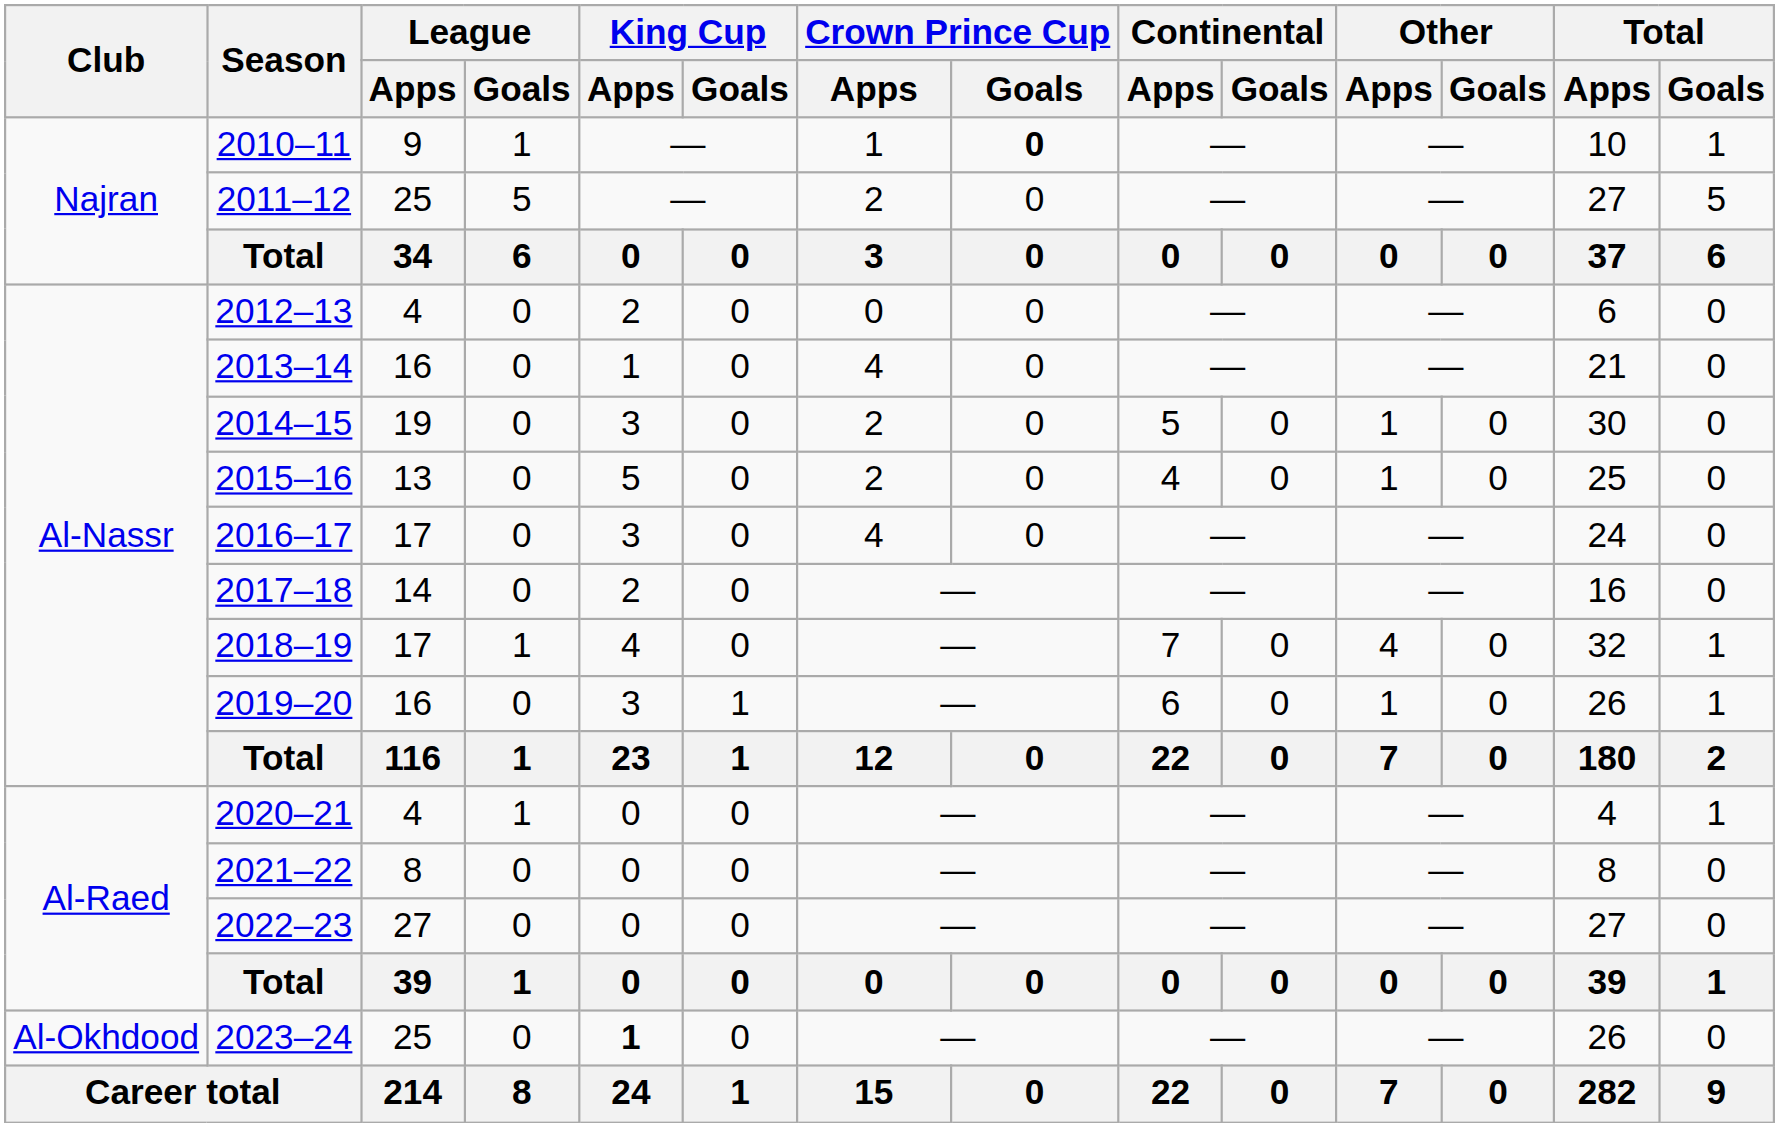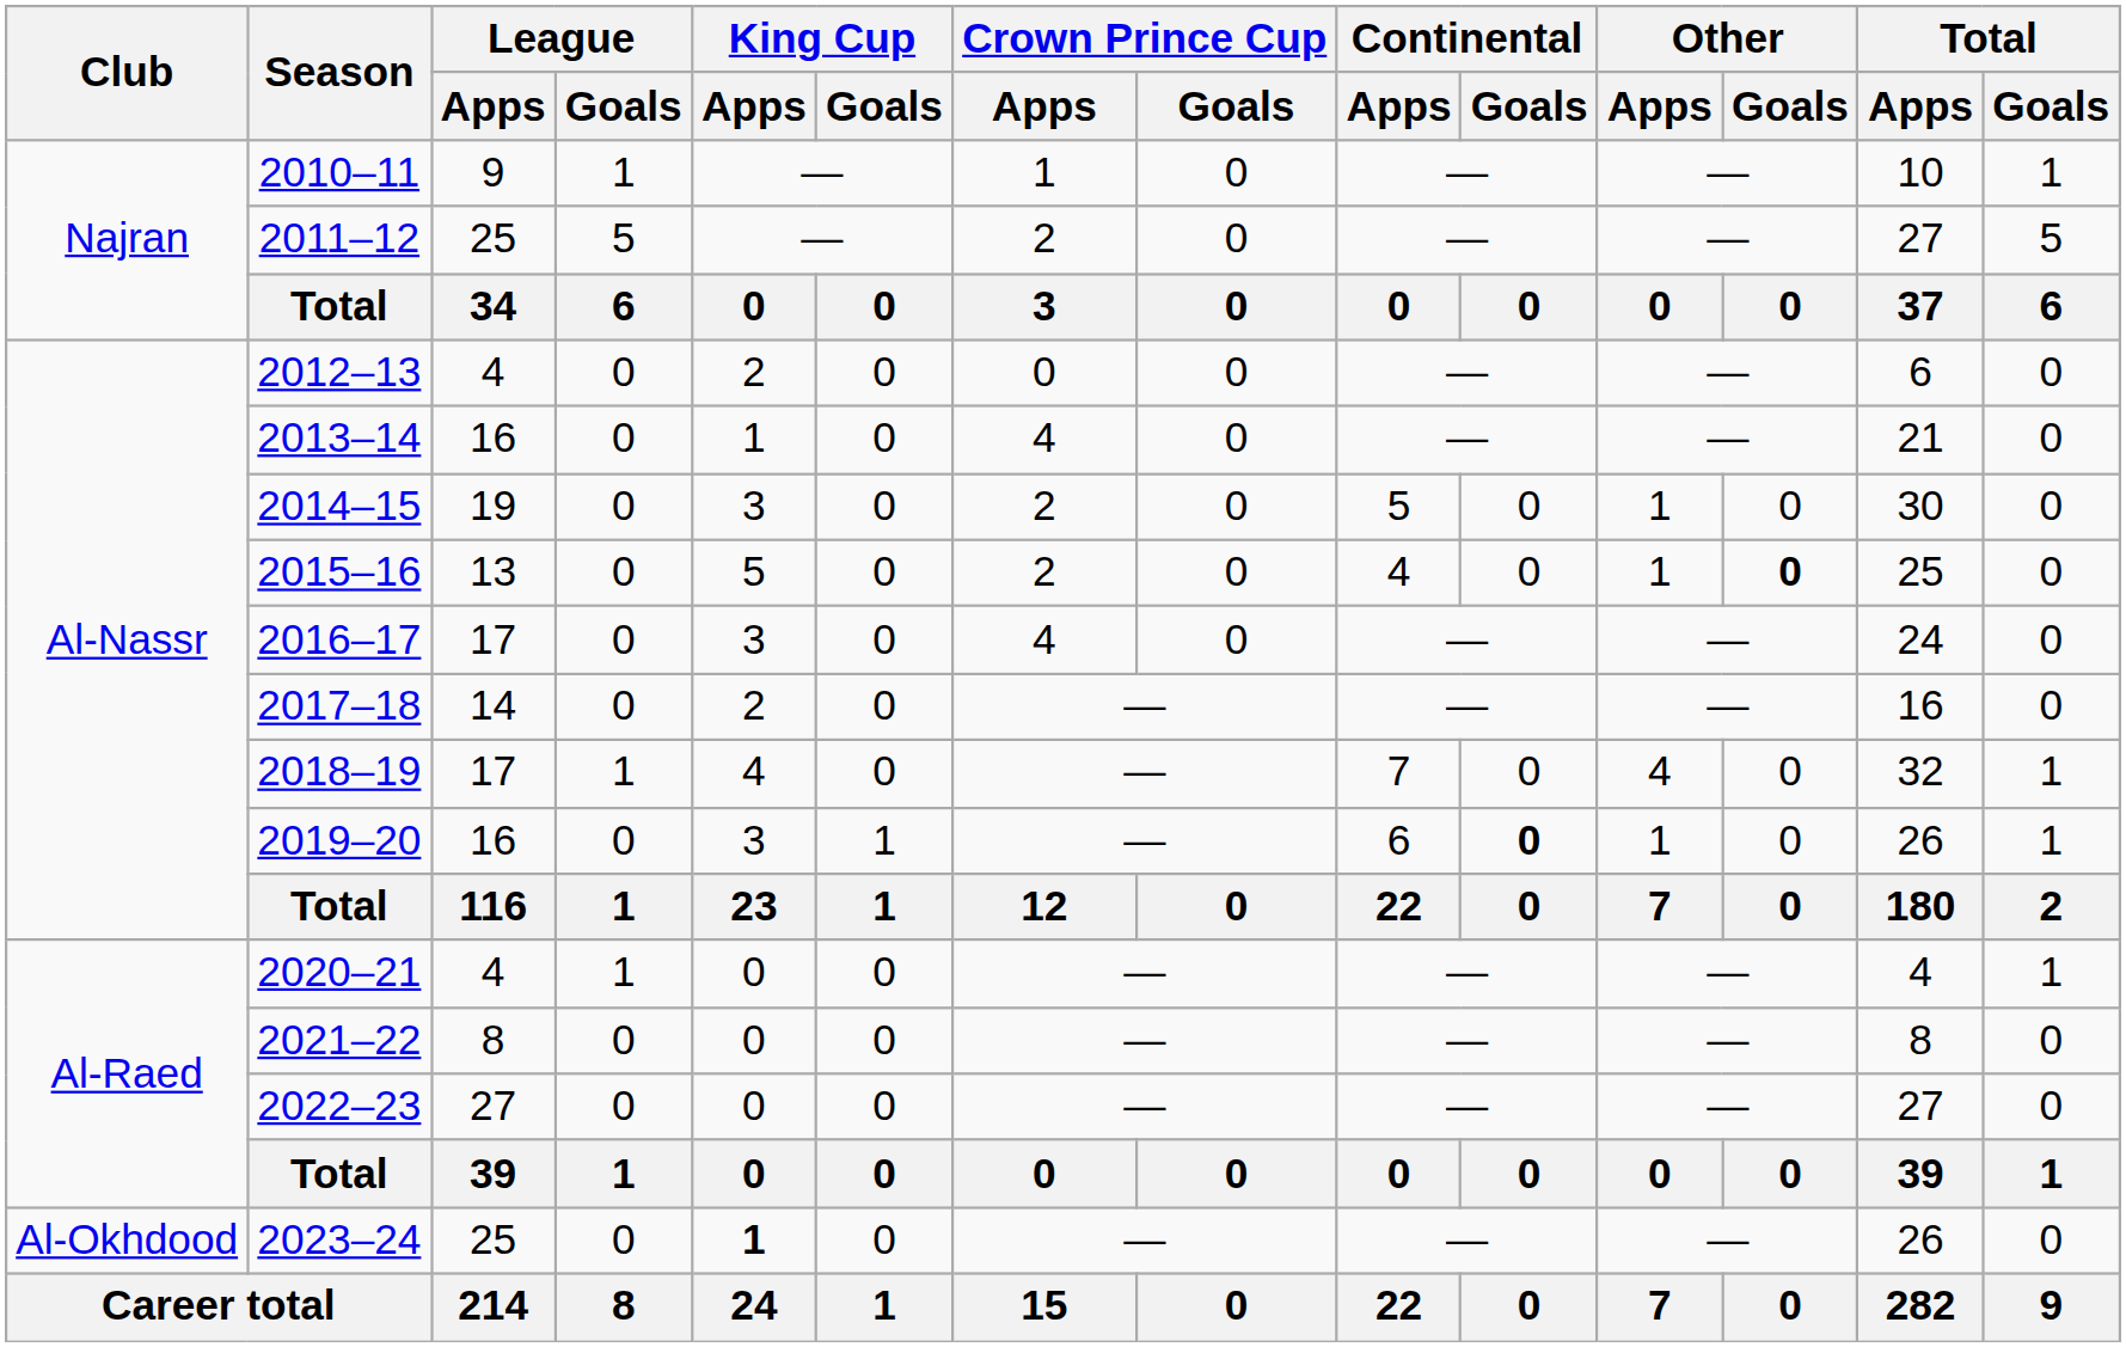 <table class=wikitable style="text-align: center">
 <tr>
 <th rowspan=2>Club</th>
 <th rowspan=2>Season</th>
 <th colspan=2>League</th>
 <th colspan=2><a href='#'>King Cup</a></th>
 <th colspan=2><a href='#'>Crown Prince Cup</a> </th>
 <th colspan=2>Continental</th>
 <th colspan=2>Other</th>
 <th colspan=2>Total</th>
 </tr>
 <tr>
 <th>Apps</th>
 <th>Goals</th>
 <th>Apps</th>
 <th>Goals</th>
 <th>Apps</th>
 <th>Goals</th>
 <th>Apps</th>
 <th>Goals</th>
 <th>Apps</th>
 <th>Goals</th>
 <th>Apps</th>
 <th>Goals</th>
 </tr>
 <tr>
 <td rowspan=3><a href='#'>Najran</a></td>
 <td><a href='#'>2010–11</a></td>
 <td>9</td>
 <td>1</td>
 <td colspan=2>—</td>
 <td>1</td>
-<td><strong>0</strong></td>
+<td>0</td>
 <td colspan=2>—</td>
 <td colspan=2>—</td>
 <td>10</td>
 <td>1</td>
 </tr>
 <tr>
 <td><a href='#'>2011–12</a></td>
 <td>25</td>
 <td>5</td>
 <td colspan=2>—</td>
 <td>2</td>
 <td>0</td>
 <td colspan=2>—</td>
 <td colspan=2>—</td>
 <td>27</td>
 <td>5</td>
 </tr>
 <tr>
 <th>Total</th>
 <th>34</th>
 <th>6</th>
 <th>0</th>
 <th>0</th>
 <th>3</th>
 <th>0</th>
 <th>0</th>
 <th>0</th>
 <th>0</th>
 <th>0</th>
 <th>37</th>
 <th>6</th>
 </tr>
 <tr>
 <td rowspan=9><a href='#'>Al-Nassr</a></td>
 <td><a href='#'>2012–13</a></td>
 <td>4</td>
 <td>0</td>
 <td>2</td>
 <td>0</td>
 <td>0</td>
 <td>0</td>
 <td colspan=2>—</td>
 <td colspan=2>—</td>
 <td>6</td>
 <td>0</td>
 </tr>
 <tr>
 <td><a href='#'>2013–14</a></td>
 <td>16</td>
 <td>0</td>
 <td>1</td>
 <td>0</td>
 <td>4</td>
 <td>0</td>
 <td colspan=2>—</td>
 <td colspan=2>—</td>
 <td>21</td>
 <td>0</td>
 </tr>
 <tr>
 <td><a href='#'>2014–15</a></td>
 <td>19</td>
 <td>0</td>
 <td>3</td>
 <td>0</td>
 <td>2</td>
 <td>0</td>
 <td>5</td>
 <td>0</td>
 <td>1</td>
 <td>0</td>
 <td>30</td>
 <td>0</td>
 </tr>
 <tr>
 <td><a href='#'>2015–16</a></td>
 <td>13</td>
 <td>0</td>
 <td>5</td>
 <td>0</td>
 <td>2</td>
 <td>0</td>
 <td>4</td>
 <td>0</td>
 <td>1</td>
-<td>0</td>
+<td><strong>0</strong></td>
 <td>25</td>
 <td>0</td>
 </tr>
 <tr>
 <td><a href='#'>2016–17</a></td>
 <td>17</td>
 <td>0</td>
 <td>3</td>
 <td>0</td>
 <td>4</td>
 <td>0</td>
 <td colspan=2>—</td>
 <td colspan=2>—</td>
 <td>24</td>
 <td>0</td>
 </tr>
 <tr>
 <td><a href='#'>2017–18</a></td>
 <td>14</td>
 <td>0</td>
 <td>2</td>
 <td>0</td>
 <td colspan=2>—</td>
 <td colspan=2>—</td>
 <td colspan=2>—</td>
 <td>16</td>
 <td>0</td>
 </tr>
 <tr>
 <td><a href='#'>2018–19</a></td>
 <td>17</td>
 <td>1</td>
 <td>4</td>
 <td>0</td>
 <td colspan=2>—</td>
 <td>7</td>
 <td>0</td>
 <td>4</td>
 <td>0</td>
 <td>32</td>
 <td>1</td>
 </tr>
 <tr>
 <td><a href='#'>2019–20</a></td>
 <td>16</td>
 <td>0</td>
 <td>3</td>
 <td>1</td>
 <td colspan=2>—</td>
 <td>6</td>
-<td>0</td>
+<td><strong>0</strong></td>
 <td>1</td>
 <td>0</td>
 <td>26</td>
 <td>1</td>
 </tr>
 <tr>
 <th>Total</th>
 <th>116</th>
 <th>1</th>
 <th>23</th>
 <th>1</th>
 <th>12</th>
 <th>0</th>
 <th>22</th>
 <th>0</th>
 <th>7</th>
 <th>0</th>
 <th>180</th>
 <th>2</th>
 </tr>
 <tr>
 <td rowspan=4><a href='#'>Al-Raed</a></td>
 <td><a href='#'>2020–21</a></td>
 <td>4</td>
 <td>1</td>
 <td>0</td>
 <td>0</td>
 <td colspan=2>—</td>
 <td colspan=2>—</td>
 <td colspan=2>—</td>
 <td>4</td>
 <td>1</td>
 </tr>
 <tr>
 <td><a href='#'>2021–22</a></td>
 <td>8</td>
 <td>0</td>
 <td>0</td>
 <td>0</td>
 <td colspan=2>—</td>
 <td colspan=2>—</td>
 <td colspan=2>—</td>
 <td>8</td>
 <td>0</td>
 </tr>
 <tr>
 <td><a href='#'>2022–23</a></td>
 <td>27</td>
 <td>0</td>
 <td>0</td>
 <td>0</td>
 <td colspan=2>—</td>
 <td colspan=2>—</td>
 <td colspan=2>—</td>
 <td>27</td>
 <td>0</td>
 </tr>
 <tr>
 <th>Total</th>
 <th>39</th>
 <th>1</th>
 <th>0</th>
 <th>0</th>
 <th>0</th>
 <th>0</th>
 <th>0</th>
 <th>0</th>
 <th>0</th>
 <th>0</th>
 <th>39</th>
 <th>1</th>
 </tr>
 <tr>
 <td rowspan=1><a href='#'>Al-Okhdood</a></td>
 <td><a href='#'>2023–24</a></td>
 <td>25</td>
 <td>0</td>
 <td><strong>1</strong></td>
 <td>0</td>
 <td colspan=2>—</td>
 <td colspan=2>—</td>
 <td colspan=2>—</td>
 <td>26</td>
 <td>0</td>
 </tr>
 <tr>
 <th colspan=2>Career total</th>
 <th>214</th>
 <th>8</th>
 <th>24</th>
 <th>1</th>
 <th>15</th>
 <th>0</th>
 <th>22</th>
 <th>0</th>
 <th>7</th>
 <th>0</th>
 <th>282</th>
 <th>9</th>
 </tr>
 </table>
